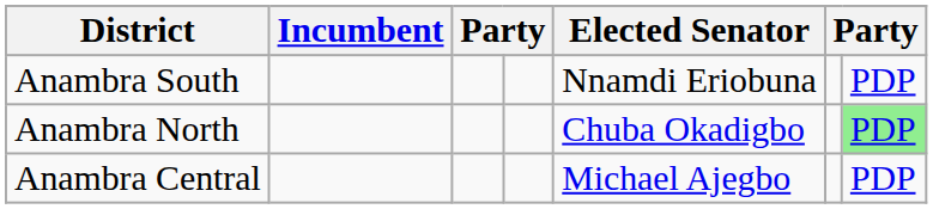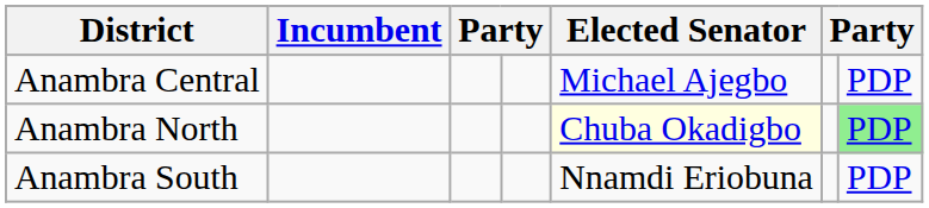 <table class="sortable wikitable" style="font-size:95%;line-height:14px;">
 <tr>
 <th class="unsortable">District</th>
 <th class="unsortable"><a href='#'>Incumbent</a></th>
 <th colspan="2">Party</th>
 <th class="unsortable">Elected Senator</th>
 <th colspan="2">Party</th>
+</tr>
+<tr>
+<td>Anambra Central</td>
+<td></td>
+<td></td>
+<td></td>
+<td><a href='#'>Michael Ajegbo</a></td>
+<td style="background:"></td>
+<td><a href='#'>PDP</a></td>
+</tr>
+<tr>
+<td>Anambra North</td>
+<td></td>
+<td></td>
+<td></td>
+<td style="background: lightyellow;"><a href='#'>Chuba Okadigbo</a></td>
+<td style="background:"></td>
+<td style="background: lightgreen;"><a href='#'>PDP</a></td>
 </tr>
 <tr>
 <td>Anambra South</td>
 <td></td>
 <td></td>
 <td></td>
 <td>Nnamdi Eriobuna</td>
 <td style="background:"></td>
 <td><a href='#'>PDP</a></td>
 </tr>
-<tr>
-<td>Anambra North</td>
-<td></td>
-<td></td>
-<td></td>
-<td><a href='#'>Chuba Okadigbo</a></td>
-<td style="background:"></td>
-<td style="background: lightgreen;"><a href='#'>PDP</a></td>
-</tr>
-<tr>
-<td>Anambra Central</td>
-<td></td>
-<td></td>
-<td></td>
-<td><a href='#'>Michael Ajegbo</a></td>
-<td style="background:"></td>
-<td><a href='#'>PDP</a></td>
-</tr>
 </table>
